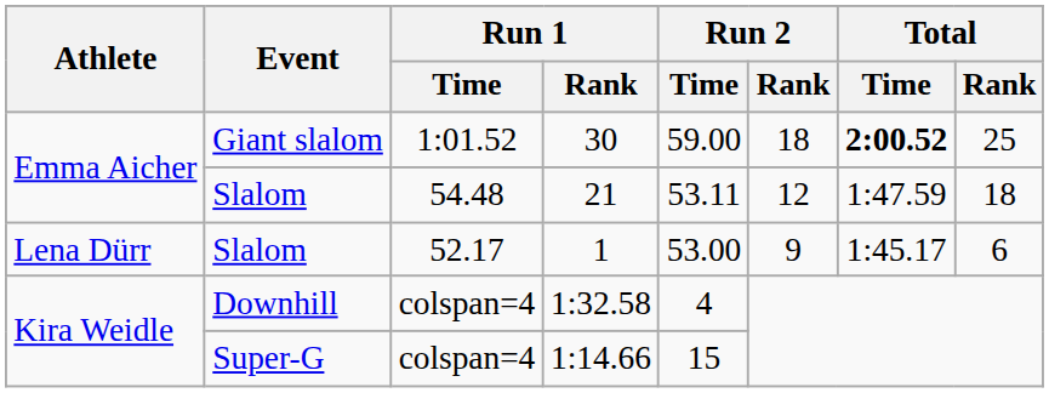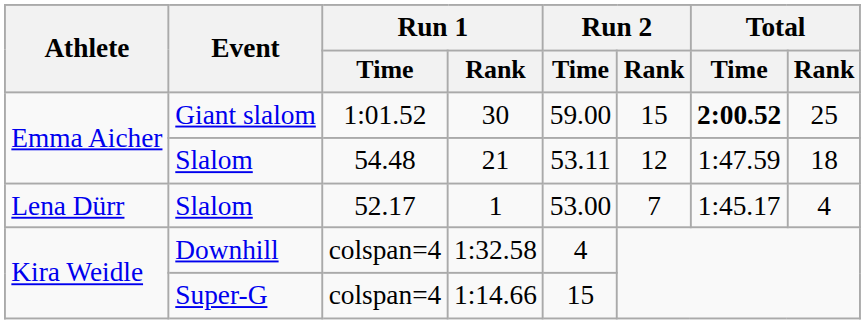 <table class="wikitable" style="font-size:90%">
 <tr>
 <th rowspan=2>Athlete</th>
 <th rowspan=2>Event</th>
 <th colspan=2>Run 1</th>
 <th colspan=2>Run 2</th>
 <th colspan=2>Total</th>
 </tr>
 <tr style="font-size:95%">
 <th>Time</th>
 <th>Rank</th>
 <th>Time</th>
 <th>Rank</th>
 <th>Time</th>
 <th>Rank</th>
 </tr>
 <tr align=center>
 <td align=left rowspan=2><a href='#'>Emma Aicher</a></td>
 <td align=left><a href='#'>Giant slalom</a></td>
 <td>1:01.52</td>
 <td>30</td>
 <td>59.00</td>
-<td>18</td>
+<td>15</td>
 <td><strong>2:00.52</strong></td>
 <td>25</td>
 </tr>
 <tr align=center>
 <td align=left><a href='#'>Slalom</a></td>
 <td>54.48</td>
 <td>21</td>
 <td>53.11</td>
 <td>12</td>
 <td>1:47.59</td>
 <td>18</td>
 </tr>
 <tr align=center>
 <td align=left><a href='#'>Lena Dürr</a></td>
 <td align=left><a href='#'>Slalom</a></td>
 <td>52.17</td>
 <td>1</td>
 <td>53.00</td>
-<td>9</td>
+<td>7</td>
 <td>1:45.17</td>
-<td>6</td>
+<td>4</td>
 </tr>
 <tr align=center>
 <td align=left rowspan=2><a href='#'>Kira Weidle</a></td>
 <td align=left><a href='#'>Downhill</a></td>
 <td>colspan=4 </td>
 <td>1:32.58</td>
 <td>4</td>
 </tr>
 <tr align=center>
 <td align=left><a href='#'>Super-G</a></td>
 <td>colspan=4 </td>
 <td>1:14.66</td>
 <td>15</td>
 </tr>
 </table>
